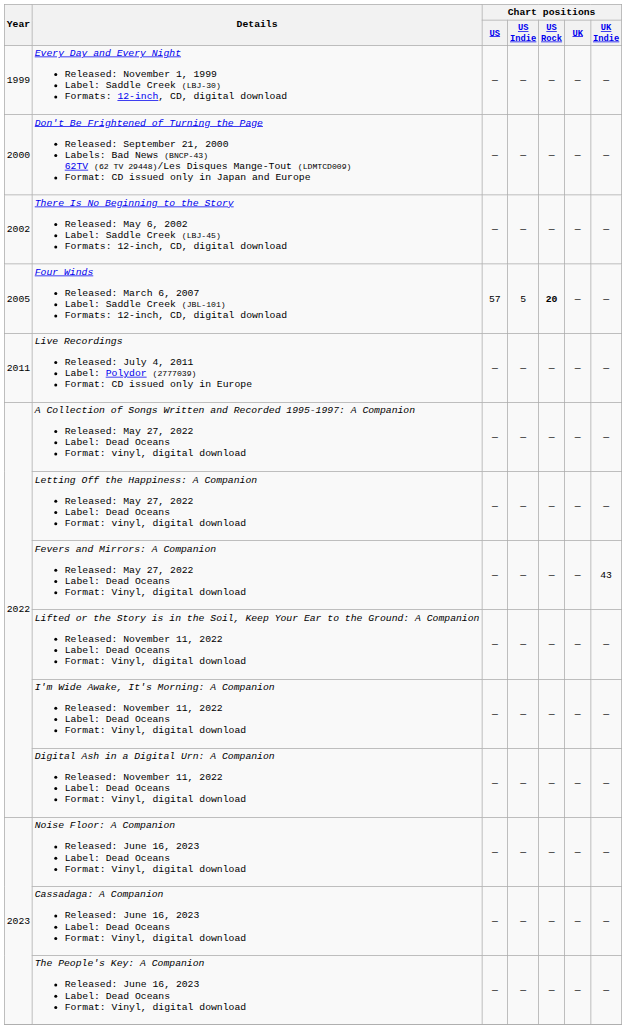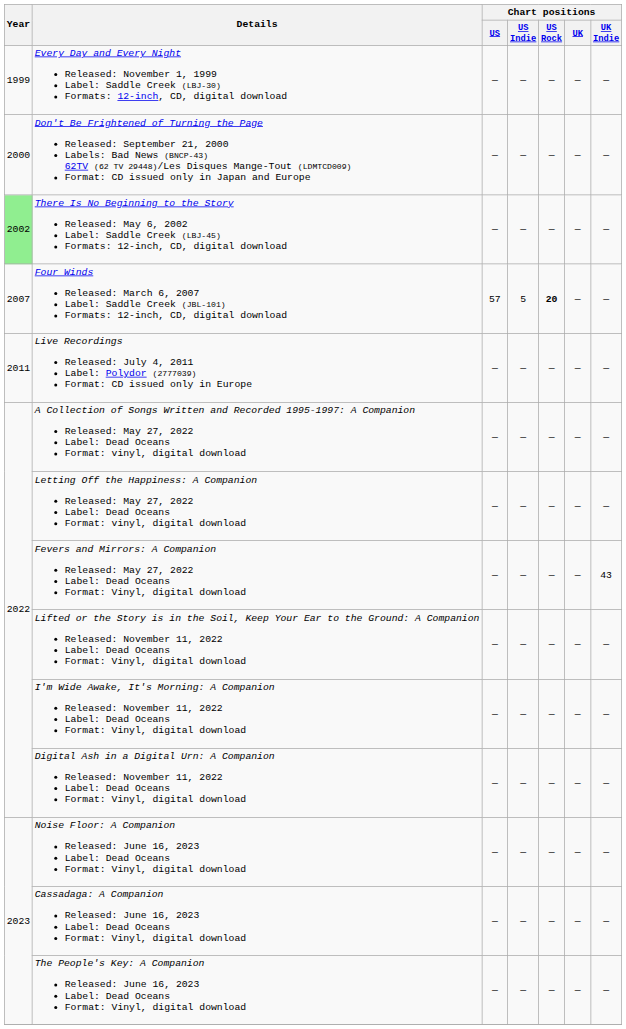 <table class="wikitable">
 <tr>
 <th rowspan="2">Year</th>
 <th rowspan="2">Details</th>
 <th colspan="5">Chart positions</th>
 </tr>
 <tr>
 <th scope="col" style="width:2.5em;font-size:90%;"><a href='#'>US</a><br></th>
 <th scope="col" style="width:2.5em;font-size:90%;"><a href='#'>US<br>Indie</a><br></th>
 <th scope="col" style="width:2.5em;font-size:90%;"><a href='#'>US<br>Rock</a><br></th>
 <th scope="col" style="width:2.5em;font-size:90%;"><a href='#'>UK</a><br></th>
 <th scope="col" style="width:2.5em;font-size:90%;"><a href='#'>UK<br>Indie</a><br></th>
 </tr>
 <tr>
 <td>1999</td>
 <td><em><a href='#'>Every Day and Every Night</a></em><br><ul><li>Released: November 1, 1999</li><li>Label: Saddle Creek <small>(LBJ-30)</small></li><li>Formats: <a href='#'>12-inch</a>, CD, digital download</li></ul></td>
 <td align="center">—</td>
 <td align="center">—</td>
 <td align="center">—</td>
 <td align="center">—</td>
 <td align="center">—</td>
 </tr>
 <tr>
 <td>2000</td>
 <td><em><a href='#'>Don't Be Frightened of Turning the Page</a></em><br><ul><li>Released: September 21, 2000</li><li>Labels: Bad News <small>(BNCP-43)</small><br><a href='#'>62TV</a> <small>(62 TV 29448)</small>/Les Disques Mange-Tout <small>(LDMTCD009)</small></li><li>Format: CD issued only in Japan and Europe</li></ul></td>
 <td align="center">—</td>
 <td align="center">—</td>
 <td align="center">—</td>
 <td align="center">—</td>
 <td align="center">—</td>
 </tr>
 <tr>
-<td>2002</td>
+<td style="background: lightgreen;">2002</td>
 <td><em><a href='#'>There Is No Beginning to the Story</a></em><br><ul><li>Released: May 6, 2002</li><li>Label: Saddle Creek <small>(LBJ-45)</small></li><li>Formats: 12-inch, CD, digital download</li></ul></td>
 <td align="center">—</td>
 <td align="center">—</td>
 <td align="center">—</td>
 <td align="center">—</td>
 <td align="center">—</td>
 </tr>
 <tr>
-<td>2005</td>
+<td>2007</td>
 <td><em><a href='#'>Four Winds</a></em><br><ul><li>Released: March 6, 2007</li><li>Label: Saddle Creek <small>(JBL-101)</small></li><li>Formats: 12-inch, CD, digital download</li></ul></td>
 <td align="center">57</td>
 <td align="center">5</td>
 <td align="center"><strong>20</strong></td>
 <td align="center">—</td>
 <td align="center">—</td>
 </tr>
 <tr>
 <td>2011</td>
 <td><em>Live Recordings</em><br><ul><li>Released: July 4, 2011</li><li>Label: <a href='#'>Polydor</a> <small>(2777039)</small></li><li>Format: CD issued only in Europe</li></ul></td>
 <td align="center">—</td>
 <td align="center">—</td>
 <td align="center">—</td>
 <td align="center">—</td>
 <td align="center">—</td>
 </tr>
 <tr>
 <td rowspan="6">2022</td>
 <td><em>A Collection of Songs Written and Recorded 1995-1997: A Companion</em><br><ul><li>Released: May 27, 2022</li><li>Label: Dead Oceans</li><li>Format: vinyl, digital download</li></ul></td>
 <td align="center">—</td>
 <td align="center">—</td>
 <td align="center">—</td>
 <td align="center">—</td>
 <td align="center">—</td>
 </tr>
 <tr>
 <td><em>Letting Off the Happiness: A Companion</em><br><ul><li>Released: May 27, 2022</li><li>Label: Dead Oceans</li><li>Format: vinyl, digital download</li></ul></td>
 <td align="center">—</td>
 <td align="center">—</td>
 <td align="center">—</td>
 <td align="center">—</td>
 <td align="center">—</td>
 </tr>
 <tr>
 <td><em>Fevers and Mirrors: A Companion</em><br><ul><li>Released: May 27, 2022</li><li>Label: Dead Oceans</li><li>Format: Vinyl, digital download</li></ul></td>
 <td align="center">—</td>
 <td align="center">—</td>
 <td align="center">—</td>
 <td align="center">—</td>
 <td align="center">43</td>
 </tr>
 <tr>
 <td><em>Lifted or the Story is in the Soil, Keep Your Ear to the Ground: A Companion</em><br><ul><li>Released: November 11, 2022</li><li>Label: Dead Oceans</li><li>Format: Vinyl, digital download</li></ul></td>
 <td align="center">—</td>
 <td align="center">—</td>
 <td align="center">—</td>
 <td align="center">—</td>
 <td align="center">—</td>
 </tr>
 <tr>
 <td><em>I'm Wide Awake, It's Morning: A Companion</em><br><ul><li>Released: November 11, 2022</li><li>Label: Dead Oceans</li><li>Format: Vinyl, digital download</li></ul></td>
 <td align="center">—</td>
 <td align="center">—</td>
 <td align="center">—</td>
 <td align="center">—</td>
 <td align="center">—</td>
 </tr>
 <tr>
 <td><em>Digital Ash in a Digital Urn: A Companion</em><br><ul><li>Released: November 11, 2022</li><li>Label: Dead Oceans</li><li>Format: Vinyl, digital download</li></ul></td>
 <td align="center">—</td>
 <td align="center">—</td>
 <td align="center">—</td>
 <td align="center">—</td>
 <td align="center">—</td>
 </tr>
 <tr>
 <td rowspan="3">2023</td>
 <td><em>Noise Floor: A Companion</em><br><ul><li>Released: June 16, 2023</li><li>Label: Dead Oceans</li><li>Format: Vinyl, digital download</li></ul></td>
 <td align="center">—</td>
 <td align="center">—</td>
 <td align="center">—</td>
 <td align="center">—</td>
 <td align="center">—</td>
 </tr>
 <tr>
 <td><em>Cassadaga: A Companion</em><br><ul><li>Released: June 16, 2023</li><li>Label: Dead Oceans</li><li>Format: Vinyl, digital download</li></ul></td>
 <td align="center">—</td>
 <td align="center">—</td>
 <td align="center">—</td>
 <td align="center">—</td>
 <td align="center">—</td>
 </tr>
 <tr>
 <td><em>The People's Key: A Companion</em><br><ul><li>Released: June 16, 2023</li><li>Label: Dead Oceans</li><li>Format: Vinyl, digital download</li></ul></td>
 <td align="center">—</td>
 <td align="center">—</td>
 <td align="center">—</td>
 <td align="center">—</td>
 <td align="center">—</td>
 </tr>
 <tr>
 </tr>
 </table>
